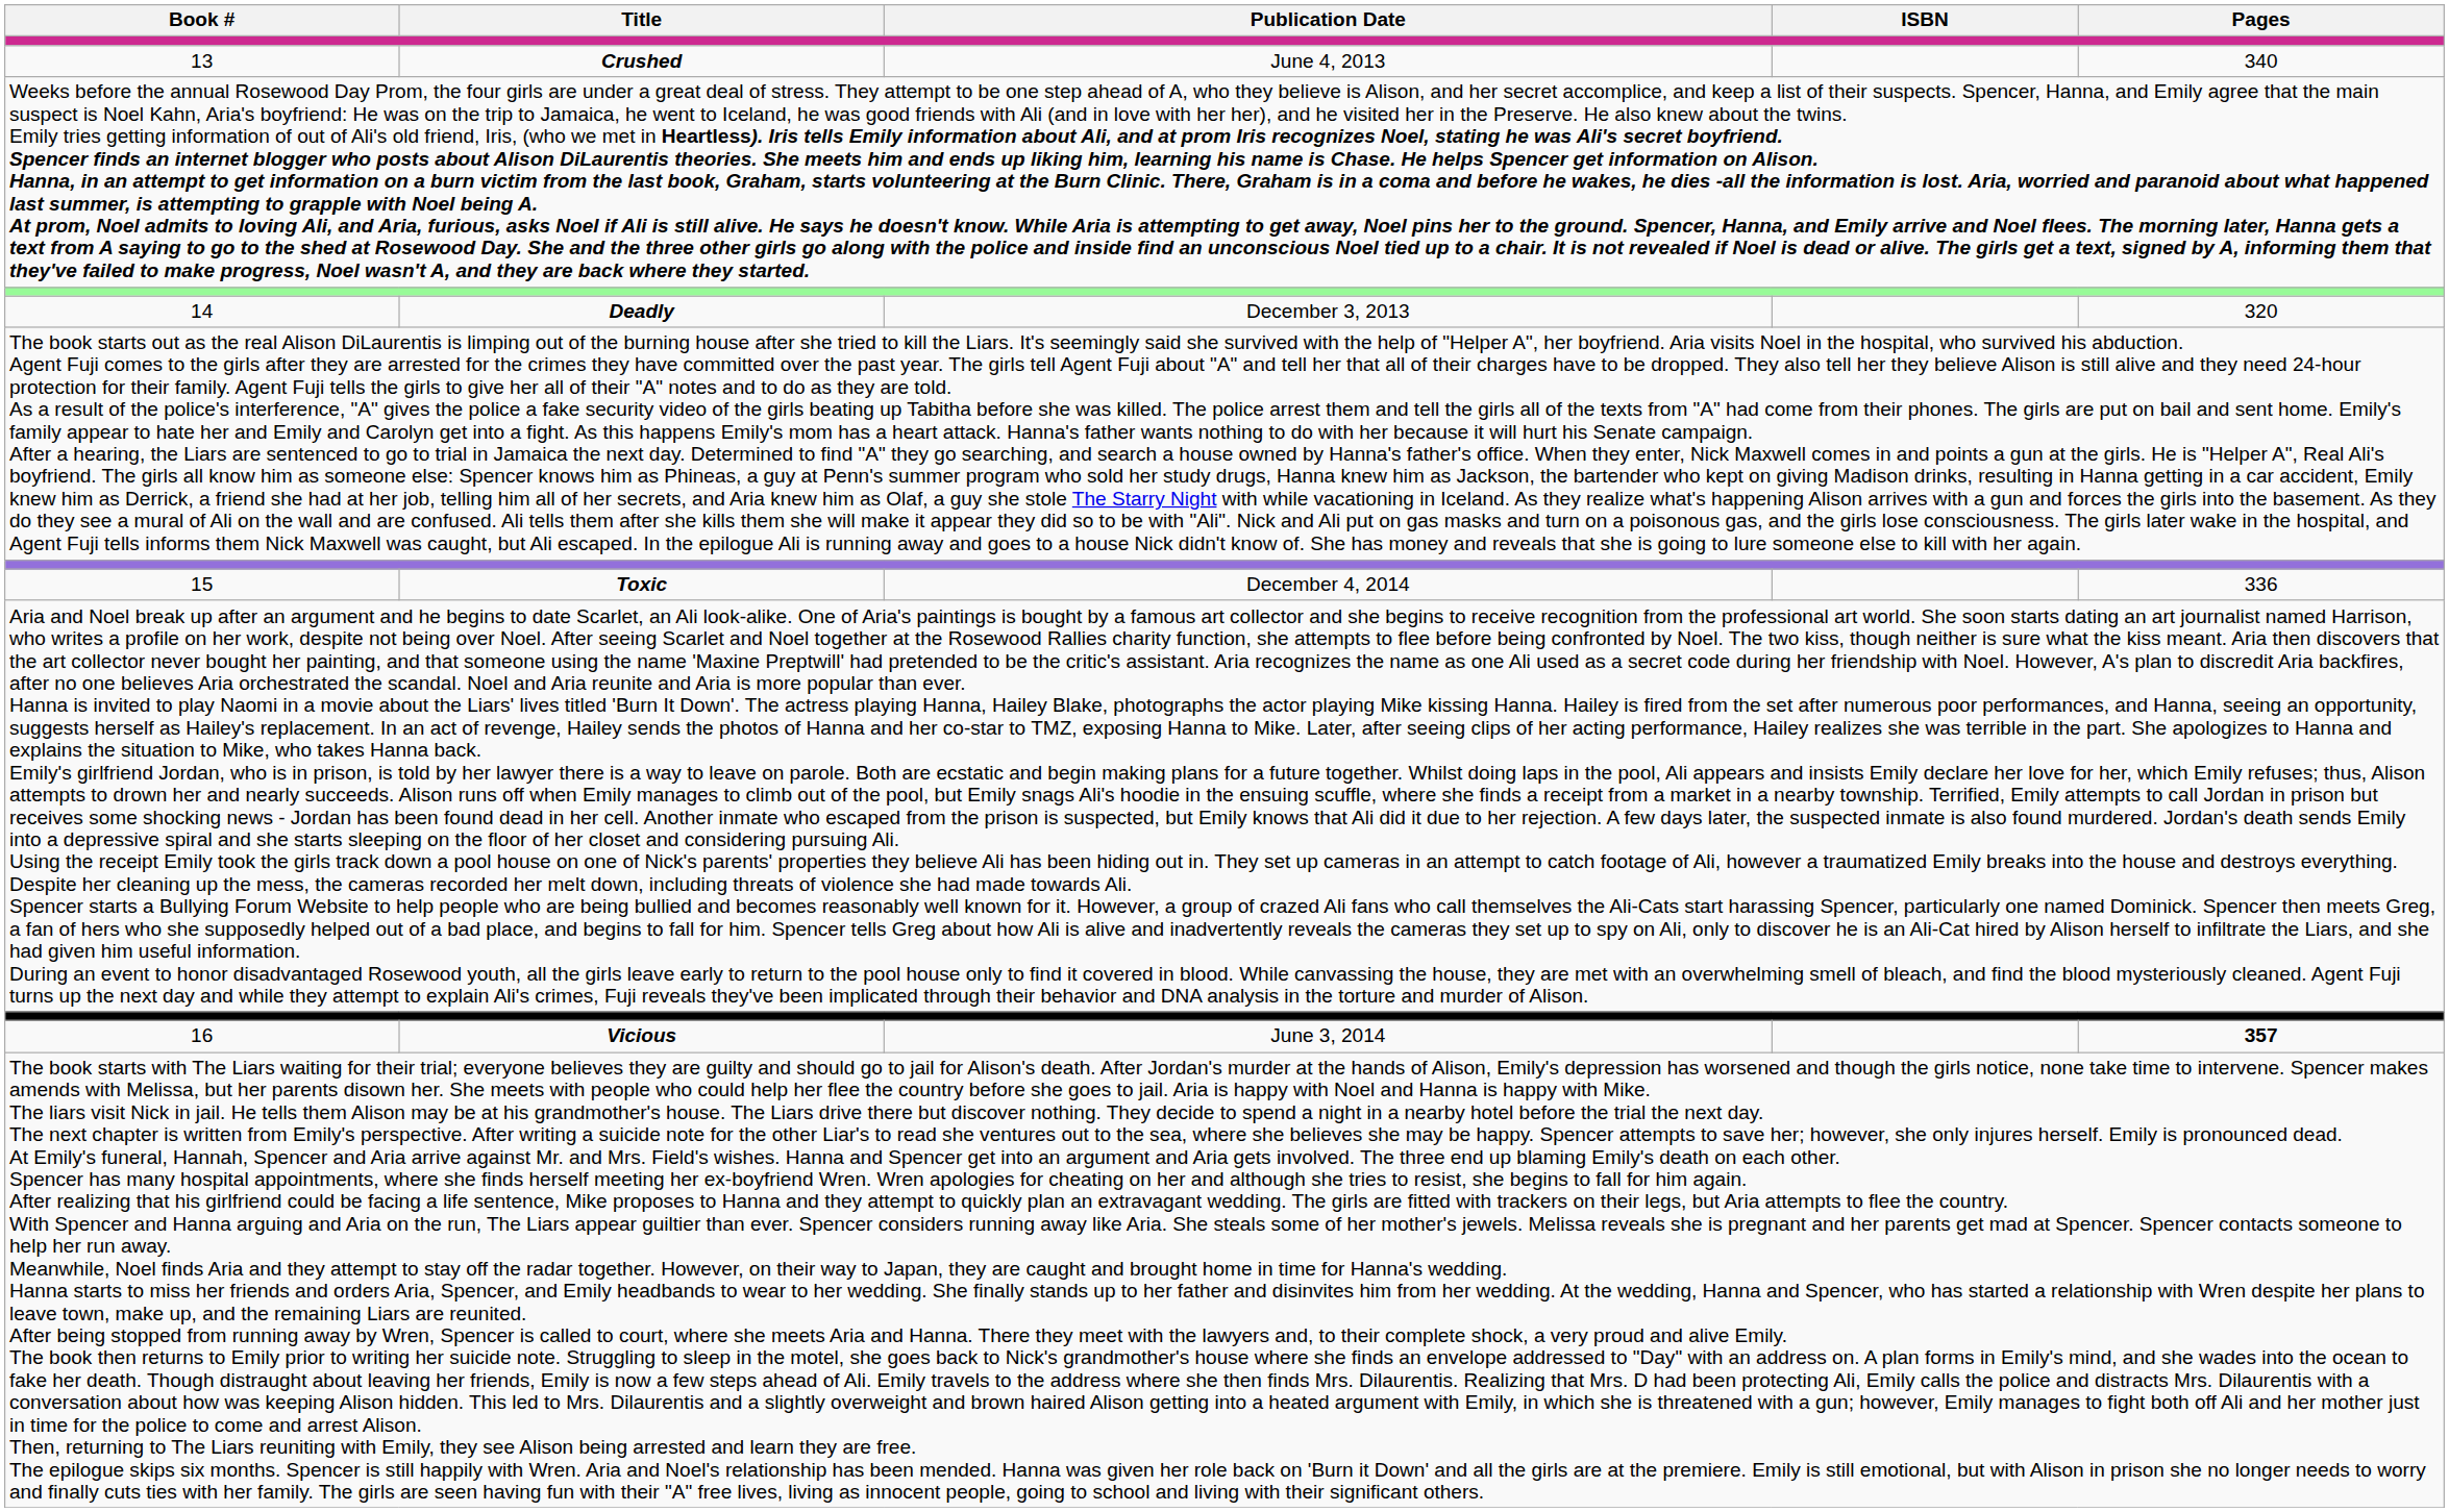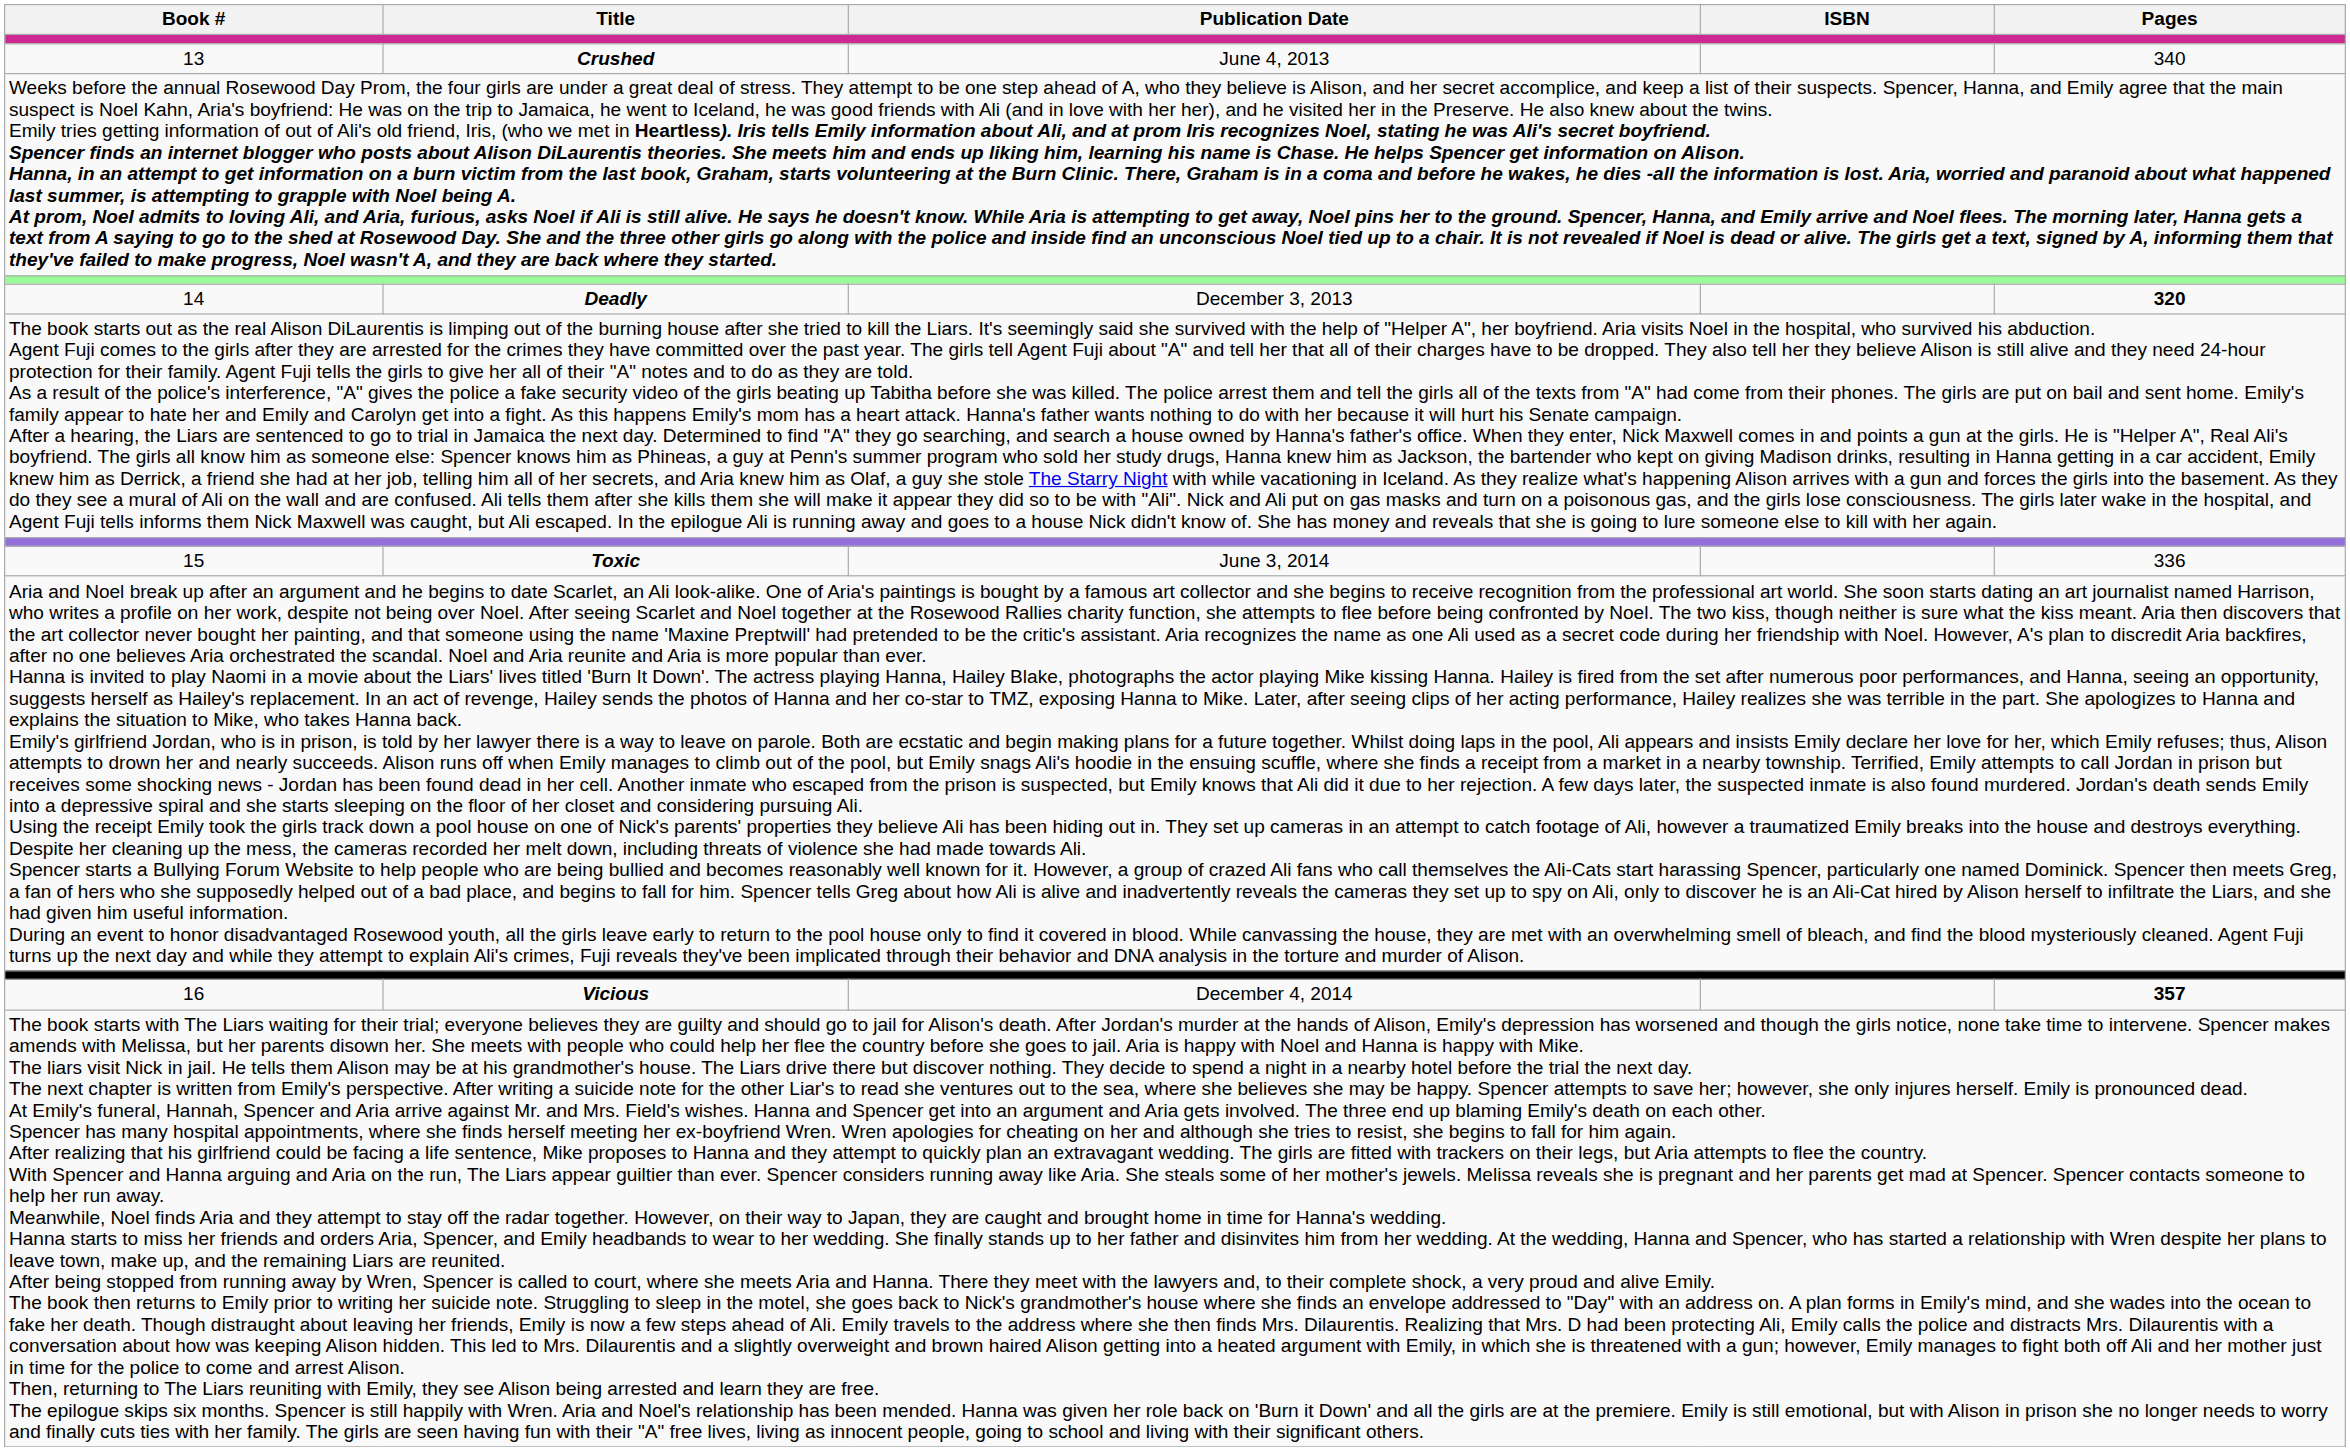 <table class="wikitable" style="background-color:#FFFFF">
 <tr style="color:black">
 <th>Book #</th>
 <th>Title</th>
 <th>Publication Date</th>
 <th>ISBN</th>
 <th>Pages</th>
 </tr>
 <tr>
 <td colspan="6" bgcolor="#CD2990"></td>
 </tr>
 <tr>
 <td align="center">13</td>
 <td align="center"><strong><em>Crushed</em></strong></td>
 <td align="center">June 4, 2013</td>
 <td align="center"></td>
 <td align="center">340</td>
 </tr>
 <tr>
 <td colspan="6">Weeks before the annual Rosewood Day Prom, the four girls are under a great deal of stress. They attempt to be one step ahead of A, who they believe is Alison, and her secret accomplice, and keep a list of their suspects. Spencer, Hanna, and Emily agree that the main suspect is Noel Kahn, Aria's boyfriend: He was on the trip to Jamaica, he went to Iceland, he was good friends with Ali (and in love with her her), and he visited her in the Preserve. He  also knew about the twins.<br>Emily tries getting information of out of Ali's old friend, Iris, (who we met in <strong>Heartless<em>). Iris tells Emily information about Ali, and at prom Iris recognizes Noel, stating he was Ali's secret boyfriend.<br>Spencer finds an internet blogger who posts about Alison DiLaurentis theories. She meets him and ends up liking him, learning his name is Chase. He helps Spencer get information on Alison.<br>Hanna, in an attempt to get information on a burn victim from the last book, Graham, starts volunteering at the Burn Clinic. There, Graham is  in a coma and before he wakes, he dies -all the information is lost.  Aria, worried and paranoid about what happened last summer, is attempting to grapple with Noel being A.<br>At prom, Noel admits to loving Ali, and Aria, furious, asks Noel if Ali is still alive. He says he doesn't know. While Aria is attempting to get away, Noel pins her to the ground. Spencer, Hanna, and Emily arrive and Noel flees. The morning later, Hanna gets a text from A saying to go to the shed at  Rosewood Day. She and the three other girls go along with the police and inside find an unconscious Noel tied up to a chair. It is not revealed if Noel is dead or alive. The girls get a text, signed by A, informing them that they've failed to make progress, Noel wasn't A, and they are back where they started.</td>
 </tr>
 <tr>
 <td colspan="6" bgcolor="#98FB98"></td>
 </tr>
 <tr>
 <td align="center">14</td>
 <td align="center"><strong><em>Deadly</em></strong></td>
 <td align="center">December 3, 2013</td>
 <td align="center"></td>
-<td align="center">320</td>
+<td align="center"><strong>320</strong></td>
 </tr>
 <tr>
 <td colspan="6">The book starts out as the real Alison DiLaurentis is limping out of the burning house after she tried to kill the Liars. It's seemingly said she survived with the help of "Helper A", her boyfriend. Aria visits Noel in the hospital, who survived his abduction.<br>Agent Fuji comes to the girls after they are arrested for the crimes they have committed over the past year. The girls tell Agent Fuji about "A" and tell her that all of their charges have to be dropped. They also tell her they believe Alison is still alive and they need 24-hour protection for their family. Agent Fuji tells the girls to give her all of their "A" notes and to do as they are told.<br>As a result of the police's interference, "A" gives the police a fake security video of the girls beating up Tabitha before she was killed. The police arrest them and tell the girls all of the texts from "A" had come from their phones. The girls are put on bail and sent home. Emily's family appear to hate her and Emily and Carolyn get into a fight. As this happens Emily's mom has a heart attack.  Hanna's father wants nothing to do with her because it will hurt his Senate campaign.<br>After a hearing, the Liars are sentenced to go to trial in Jamaica the next day. Determined to find "A" they go searching, and search a house owned by Hanna's father's office. When they enter, Nick Maxwell comes in and points a gun at the girls. He is "Helper A", Real Ali's boyfriend. The girls all know him as someone else: Spencer knows him as Phineas, a guy at Penn's summer program who sold her study drugs, Hanna knew him as Jackson, the bartender who kept on giving Madison drinks, resulting in Hanna getting in a car accident, Emily knew him as Derrick, a friend she had at her job, telling him all of her secrets, and Aria knew him as Olaf, a guy she stole <a href='#'>The Starry Night</a> with while vacationing in Iceland. As they realize what's happening Alison arrives with a gun and forces the girls into the basement. As they do they see a mural of Ali on the wall and are confused. Ali tells them  after she kills them she will make it appear they did so to be with "Ali". Nick and Ali put on gas masks and turn on a poisonous gas, and the girls lose consciousness. The girls later wake in the hospital, and Agent Fuji tells informs them  Nick Maxwell was caught, but Ali escaped. In the epilogue Ali is running away and goes to a house Nick didn't know of. She has money and reveals that she is going to lure someone else to kill with her again.</td>
 </tr>
 <tr>
 <td colspan="6" bgcolor="#9370DB"></td>
 </tr>
 <tr>
 <td align="center">15</td>
 <td align="center"><strong><em>Toxic</em></strong></td>
-<td align="center">December 4, 2014</td>
+<td align="center">June 3, 2014</td>
 <td align="center"></td>
 <td align="center">336</td>
 </tr>
 <tr>
 <td colspan="6">Aria and Noel break up after an argument and he begins to date Scarlet, an Ali look-alike. One of Aria's paintings is bought by a famous art collector and she begins to receive recognition from the professional art world. She soon starts dating an art journalist named Harrison, who writes a profile on her work, despite not being over Noel. After seeing Scarlet and Noel together at the Rosewood Rallies charity function, she attempts to flee before being confronted by Noel. The two kiss, though neither is sure what the kiss meant. Aria then discovers that the art collector never bought her painting, and that someone using the name 'Maxine Preptwill' had pretended to be the critic's assistant. Aria recognizes the name as one Ali used as a secret code during her friendship with Noel. However, A's plan to discredit Aria backfires, after no one believes Aria orchestrated the scandal. Noel and Aria reunite and Aria is more popular than ever.<br>Hanna is invited to play Naomi in a movie about the Liars' lives titled 'Burn It Down'. The actress playing Hanna, Hailey Blake, photographs the actor playing Mike kissing Hanna. Hailey is fired from the set after numerous poor performances, and Hanna, seeing an opportunity, suggests herself as Hailey's replacement. In an act of revenge, Hailey sends the photos of Hanna and her co-star to TMZ, exposing Hanna to Mike. Later, after seeing clips of her acting performance, Hailey realizes she was terrible in the part. She apologizes to Hanna and explains the situation to Mike, who takes Hanna back.<br>Emily's girlfriend Jordan, who is in prison, is told by her lawyer there is a way to leave on parole. Both are ecstatic and begin making plans for a future together. Whilst doing laps in the pool, Ali appears and insists Emily declare her love for her, which Emily refuses; thus, Alison attempts to drown her and nearly succeeds. Alison runs off when Emily manages to climb out of the pool, but Emily snags Ali's hoodie in the ensuing scuffle, where she finds a receipt from a market in a nearby township. Terrified, Emily attempts to call Jordan in prison but receives some shocking news - Jordan has been found dead in her cell. Another inmate who escaped from the prison is suspected, but Emily knows that Ali did it due to her rejection. A few days later, the suspected inmate is also found murdered. Jordan's death sends Emily into a depressive spiral and she starts sleeping on the floor of her closet and considering pursuing Ali.<br>Using the receipt Emily took the girls track down a pool house on one of Nick's parents' properties they believe Ali has been hiding out in. They set up cameras in an attempt to catch footage of Ali, however a traumatized Emily breaks into the house and destroys everything. Despite her cleaning up the mess, the cameras recorded her melt down, including threats of violence she had made towards Ali.<br>Spencer starts a Bullying Forum Website to help people who are being bullied and becomes reasonably well known for it. However, a group of crazed Ali fans who call themselves the Ali-Cats start harassing Spencer, particularly one named Dominick. Spencer then meets Greg, a fan of hers who she supposedly helped out of a bad place, and begins to fall for him. Spencer tells Greg about how Ali is alive and inadvertently reveals the cameras they set up to spy on Ali, only to discover he is an Ali-Cat hired by Alison herself to infiltrate the Liars, and she had given him useful information.<br>During an event to honor disadvantaged Rosewood youth, all the girls leave early to return to the pool house only to find it covered in blood. While canvassing the house, they are met with an overwhelming smell of bleach, and find the blood mysteriously cleaned. Agent Fuji turns up the next day and while they attempt to explain  Ali's crimes, Fuji reveals they've been implicated through their behavior and DNA analysis in the torture and murder of Alison.</td>
 </tr>
 <tr>
 <td colspan="6" bgcolor="#000000"></td>
 </tr>
 <tr>
 <td align="center">16</td>
 <td align="center"><strong><em>Vicious</em></strong></td>
-<td align="center">June 3, 2014</td>
+<td align="center">December 4, 2014</td>
 <td align="center"></td>
 <td align="center"><strong>357</strong></td>
 </tr>
 <tr>
 <td colspan="6">The book starts with The Liars waiting for their trial; everyone believes they are guilty and should go to jail for Alison's death. After Jordan's murder at the hands of Alison, Emily's depression has worsened and though the girls notice, none take time to intervene. Spencer makes amends with Melissa, but her parents disown her. She meets with people who could help her flee the country before she goes to jail. Aria is happy with Noel and  Hanna is happy with Mike.<br>The liars visit Nick in jail. He tells them  Alison may be at his grandmother's house. The Liars drive there but discover nothing. They decide to spend a night in a nearby hotel before the trial the next day.<br>The next chapter is written from Emily's perspective. After writing a suicide note for the other Liar's to read she ventures out to the sea, where she believes she may be happy. Spencer attempts to save her; however, she only injures herself. Emily is pronounced dead.<br>At Emily's funeral, Hannah, Spencer and Aria arrive against Mr. and Mrs. Field's wishes. Hanna and Spencer get into an argument and Aria gets involved. The three end up blaming Emily's death on each other.<br>Spencer has many hospital appointments, where she finds herself meeting her ex-boyfriend Wren. Wren apologies for cheating on her and although she tries to resist, she begins to fall for him again.<br>After realizing that his girlfriend could be facing a life sentence, Mike proposes to Hanna and they attempt to quickly plan an extravagant wedding. The girls are fitted with trackers on their legs, but Aria attempts to flee the country.<br>With Spencer and Hanna arguing and Aria on the run, The Liars appear guiltier than ever. Spencer considers running away like Aria. She steals some of her mother's jewels. Melissa reveals she is pregnant and her parents get mad at Spencer. Spencer contacts someone to help her run away.<br>Meanwhile, Noel finds Aria and they attempt to stay off the radar together. However, on their way to Japan, they are caught and brought home in time for Hanna's wedding.<br>Hanna starts to miss her friends and orders Aria, Spencer, and Emily headbands to wear to her wedding. She  finally stands up to her father and disinvites him from her wedding. At the wedding, Hanna and Spencer, who has started a relationship with Wren despite her plans to leave town, make up, and the remaining Liars are reunited.<br>After being stopped from running away by Wren, Spencer is called to court, where she meets Aria and Hanna. There they meet with the lawyers and, to their complete shock, a very proud and alive Emily.<br>The book then returns to Emily prior to writing her suicide note. Struggling to sleep in the motel, she goes back to Nick's grandmother's house where she finds an envelope addressed to "Day" with an address on. A plan forms in Emily's mind, and she wades into the ocean to fake her death. Though distraught about leaving her friends, Emily is now a few steps ahead of Ali.  Emily travels to the address where she then finds Mrs. Dilaurentis.  Realizing that Mrs. D had been protecting Ali, Emily calls the police and distracts Mrs. Dilaurentis with a conversation about how was keeping Alison hidden. This led to Mrs. Dilaurentis and a slightly overweight and brown haired Alison getting into a heated argument with Emily, in which she is threatened with a gun; however, Emily manages to fight both off Ali and her mother just in time for the police to come and arrest Alison.<br>Then, returning  to The Liars reuniting with Emily, they  see Alison being arrested and learn they are free.<br>The epilogue  skips six months. Spencer is still happily with Wren. Aria and Noel's relationship has been mended. Hanna was given her role back on 'Burn it Down' and all the girls are  at the premiere. Emily is still emotional, but with Alison in prison she no longer needs to worry and finally cuts ties with her family. The girls are seen having fun with their "A" free lives, living as innocent people, going to school and living with their significant others.</td>
 </tr>
 </table>
